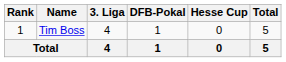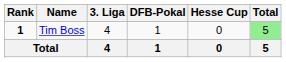 <table class="wikitable" style="text-align: center;">
 <tr>
 <th>Rank</th>
 <th>Name</th>
 <th>3. Liga</th>
 <th>DFB-Pokal</th>
 <th>Hesse Cup</th>
 <th>Total</th>
 </tr>
 <tr>
-<td>1</td>
+<td><strong>1</strong></td>
 <td align=left> <a href='#'>Tim Boss</a></td>
 <td>4</td>
 <td>1</td>
 <td>0</td>
-<td>5</td>
+<td style="background: lightgreen;">5</td>
 </tr>
 <tr>
 <th colspan=2>Total</th>
 <th>4</th>
 <th>1</th>
 <th>0</th>
 <th>5</th>
 </tr>
 </table>
